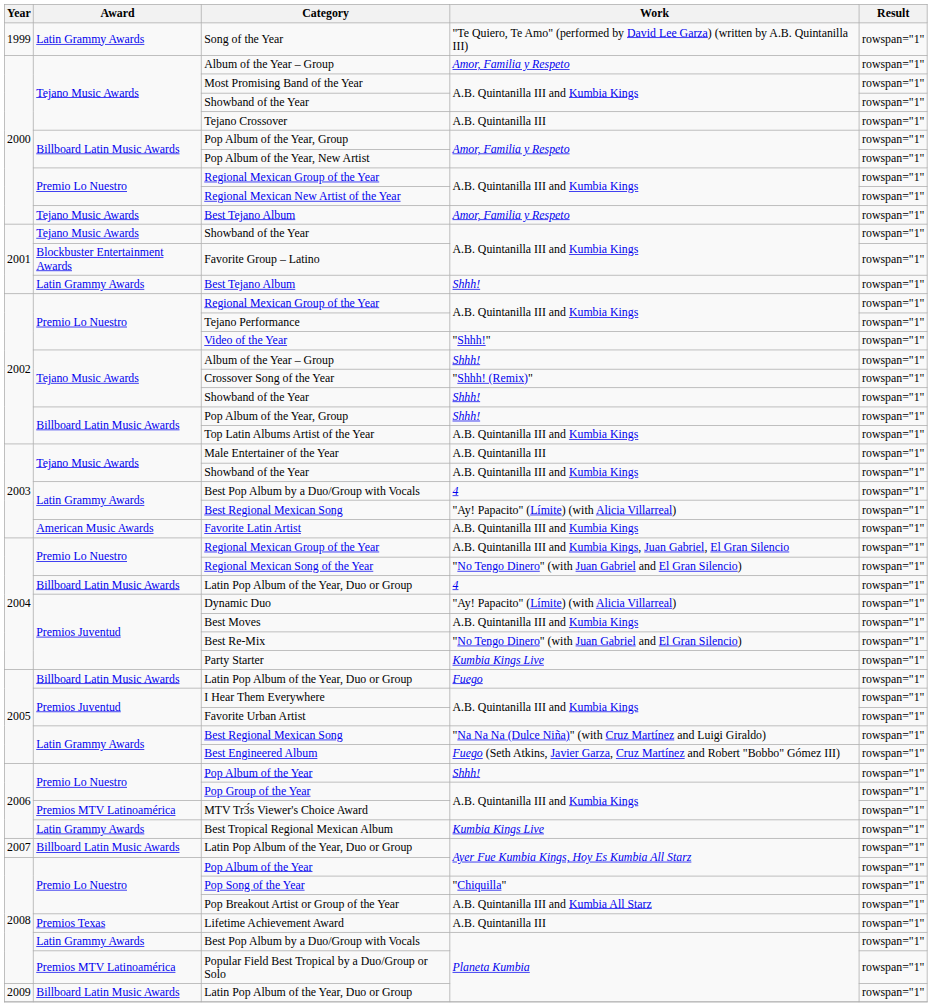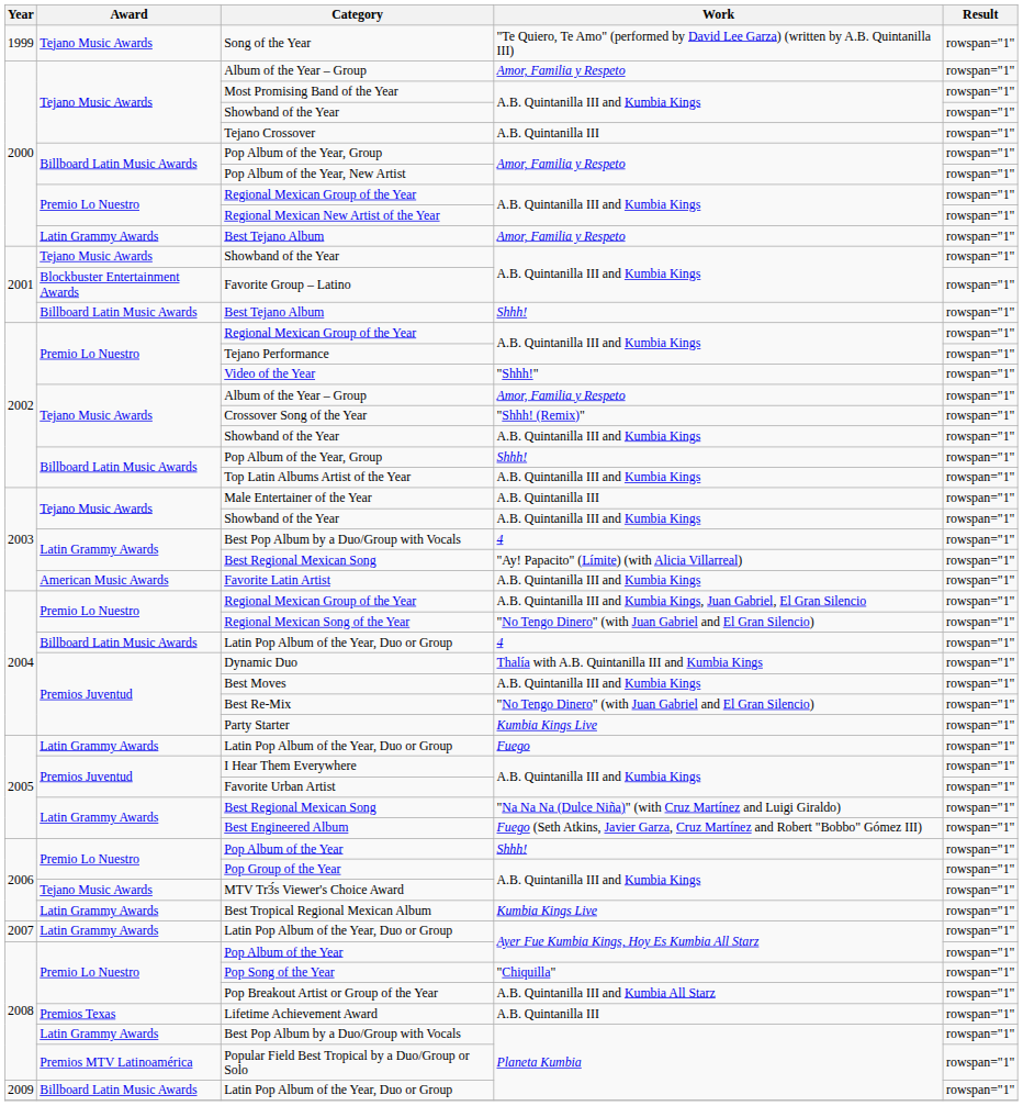 <table class="wikitable">
 <tr>
 <th scope="col">Year</th>
 <th scope="col">Award</th>
 <th>Category</th>
 <th scope="col">Work</th>
 <th scope="col">Result</th>
 </tr>
 <tr>
 <td rowspan="1" style="text-align:center;">1999</td>
-<td rowspan="1"><a href='#'>Latin Grammy Awards</a></td>
+<td rowspan="1"><a href='#'>Tejano Music Awards</a></td>
 <td>Song of the Year</td>
 <td rowspan="1">"Te Quiero, Te Amo" (performed by <a href='#'>David Lee Garza</a>) (written by A.B. Quintanilla III)</td>
 <td>rowspan="1" </td>
 </tr>
 <tr>
 <td rowspan="9" style="text-align:center;">2000</td>
 <td rowspan="4"><a href='#'>Tejano Music Awards</a></td>
 <td>Album of the Year – Group</td>
 <td rowspan="1"><em><a href='#'>Amor, Familia y Respeto</a></em></td>
 <td>rowspan="1" </td>
 </tr>
 <tr>
 <td>Most Promising Band of the Year</td>
 <td rowspan="2">A.B. Quintanilla III and <a href='#'>Kumbia Kings</a></td>
 <td>rowspan="1" </td>
 </tr>
 <tr>
 <td>Showband of the Year</td>
 <td>rowspan="1" </td>
 </tr>
 <tr>
 <td>Tejano Crossover</td>
 <td rowspan="1">A.B. Quintanilla III</td>
 <td>rowspan="1" </td>
 </tr>
 <tr>
 <td rowspan="2"><a href='#'>Billboard Latin Music Awards</a></td>
 <td>Pop Album of the Year, Group</td>
 <td rowspan="2"><em><a href='#'>Amor, Familia y Respeto</a></em></td>
 <td>rowspan="1" </td>
 </tr>
 <tr>
 <td>Pop Album of the Year, New Artist</td>
 <td>rowspan="1" </td>
 </tr>
 <tr>
 <td rowspan="2"><a href='#'>Premio Lo Nuestro</a></td>
 <td><a href='#'>Regional Mexican Group of the Year</a></td>
 <td rowspan="2">A.B. Quintanilla III and <a href='#'>Kumbia Kings</a></td>
 <td>rowspan="1" </td>
 </tr>
 <tr>
 <td><a href='#'>Regional Mexican New Artist of the Year</a></td>
 <td>rowspan="1" </td>
 </tr>
 <tr>
-<td rowspan="1"><a href='#'>Tejano Music Awards</a></td>
+<td rowspan="1"><a href='#'>Latin Grammy Awards</a></td>
 <td><a href='#'>Best Tejano Album</a></td>
 <td rowspan="1"><em><a href='#'>Amor, Familia y Respeto</a></em></td>
 <td>rowspan="1" </td>
 </tr>
 <tr>
 <td rowspan="3" style="text-align:center;">2001</td>
 <td rowspan="1"><a href='#'>Tejano Music Awards</a></td>
 <td>Showband of the Year</td>
 <td rowspan="2">A.B. Quintanilla III and <a href='#'>Kumbia Kings</a></td>
 <td>rowspan="1" </td>
 </tr>
 <tr>
 <td rowspan="1"><a href='#'>Blockbuster Entertainment Awards</a></td>
 <td>Favorite Group – Latino</td>
 <td>rowspan="1" </td>
 </tr>
 <tr>
-<td rowspan="1"><a href='#'>Latin Grammy Awards</a></td>
+<td rowspan="1"><a href='#'>Billboard Latin Music Awards</a></td>
 <td><a href='#'>Best Tejano Album</a></td>
 <td rowspan="1"><em><a href='#'>Shhh!</a></em></td>
 <td>rowspan="1" </td>
 </tr>
 <tr>
 <td rowspan="8" style="text-align:center;">2002</td>
 <td rowspan="3"><a href='#'>Premio Lo Nuestro</a></td>
 <td><a href='#'>Regional Mexican Group of the Year</a></td>
 <td rowspan="2">A.B. Quintanilla III and <a href='#'>Kumbia Kings</a></td>
 <td>rowspan="1" </td>
 </tr>
 <tr>
 <td>Tejano Performance</td>
 <td>rowspan="1" </td>
 </tr>
 <tr>
 <td><a href='#'>Video of the Year</a></td>
 <td rowspan="1">"<a href='#'>Shhh!</a>"</td>
 <td>rowspan="1" </td>
 </tr>
 <tr>
 <td rowspan="3"><a href='#'>Tejano Music Awards</a></td>
 <td>Album of the Year – Group</td>
-<td rowspan="1"><em><a href='#'>Shhh!</a></em></td>
+<td rowspan="1"><em><a href='#'>Amor, Familia y Respeto</a></em></td>
 <td>rowspan="1" </td>
 </tr>
 <tr>
 <td>Crossover Song of the Year</td>
 <td rowspan="1">"<a href='#'>Shhh! (Remix)</a>"</td>
 <td>rowspan="1" </td>
 </tr>
 <tr>
 <td>Showband of the Year</td>
-<td rowspan="1"><em><a href='#'>Shhh!</a></em></td>
+<td rowspan="1">A.B. Quintanilla III and <a href='#'>Kumbia Kings</a></td>
 <td>rowspan="1" </td>
 </tr>
 <tr>
 <td rowspan="2"><a href='#'>Billboard Latin Music Awards</a></td>
 <td>Pop Album of the Year, Group</td>
 <td rowspan="1"><em><a href='#'>Shhh!</a></em></td>
 <td>rowspan="1" </td>
 </tr>
 <tr>
 <td>Top Latin Albums Artist of the Year</td>
 <td rowspan="1">A.B. Quintanilla III and <a href='#'>Kumbia Kings</a></td>
 <td>rowspan="1" </td>
 </tr>
 <tr>
 <td rowspan="5" style="text-align:center;">2003</td>
 <td rowspan="2"><a href='#'>Tejano Music Awards</a></td>
 <td>Male Entertainer of the Year</td>
 <td rowspan="1">A.B. Quintanilla III</td>
 <td>rowspan="1" </td>
 </tr>
 <tr>
 <td>Showband of the Year</td>
 <td rowspan="1">A.B. Quintanilla III and <a href='#'>Kumbia Kings</a></td>
 <td>rowspan="1" </td>
 </tr>
 <tr>
 <td rowspan="2"><a href='#'>Latin Grammy Awards</a></td>
 <td>Best Pop Album by a Duo/Group with Vocals</td>
 <td rowspan="1"><em><a href='#'>4</a></em></td>
 <td>rowspan="1" </td>
 </tr>
 <tr>
 <td><a href='#'>Best Regional Mexican Song</a></td>
 <td rowspan="1">"Ay! Papacito" (<a href='#'>Límite</a>) (with <a href='#'>Alicia Villarreal</a>)</td>
 <td>rowspan="1" </td>
 </tr>
 <tr>
 <td rowspan="1"><a href='#'>American Music Awards</a></td>
 <td><a href='#'>Favorite Latin Artist</a></td>
 <td rowspan="1">A.B. Quintanilla III and <a href='#'>Kumbia Kings</a></td>
 <td>rowspan="1" </td>
 </tr>
 <tr>
 <td rowspan="7" style="text-align:center;">2004</td>
 <td rowspan="2"><a href='#'>Premio Lo Nuestro</a></td>
 <td><a href='#'>Regional Mexican Group of the Year</a></td>
 <td rowspan="1">A.B. Quintanilla III and <a href='#'>Kumbia Kings</a>, <a href='#'>Juan Gabriel</a>, <a href='#'>El Gran Silencio</a></td>
 <td>rowspan="1" </td>
 </tr>
 <tr>
 <td><a href='#'>Regional Mexican Song of the Year</a></td>
 <td rowspan="1">"<a href='#'>No Tengo Dinero</a>" (with <a href='#'>Juan Gabriel</a> and <a href='#'>El Gran Silencio</a>)</td>
 <td>rowspan="1" </td>
 </tr>
 <tr>
 <td rowspan="1"><a href='#'>Billboard Latin Music Awards</a></td>
 <td>Latin Pop Album of the Year, Duo or Group</td>
 <td rowspan="1"><em><a href='#'>4</a></em></td>
 <td>rowspan="1" </td>
 </tr>
 <tr>
 <td rowspan="4"><a href='#'>Premios Juventud</a></td>
 <td>Dynamic Duo</td>
-<td rowspan="1">"Ay! Papacito" (<a href='#'>Límite</a>) (with <a href='#'>Alicia Villarreal</a>)</td>
+<td rowspan="1"><a href='#'>Thalía</a> with A.B. Quintanilla III and <a href='#'>Kumbia Kings</a></td>
 <td>rowspan="1" </td>
 </tr>
 <tr>
 <td>Best Moves</td>
 <td rowspan="1">A.B. Quintanilla III and <a href='#'>Kumbia Kings</a></td>
 <td>rowspan="1" </td>
 </tr>
 <tr>
 <td>Best Re-Mix</td>
 <td rowspan="1">"<a href='#'>No Tengo Dinero</a>" (with <a href='#'>Juan Gabriel</a> and <a href='#'>El Gran Silencio</a>)</td>
 <td>rowspan="1" </td>
 </tr>
 <tr>
 <td>Party Starter</td>
 <td rowspan="1"><em><a href='#'>Kumbia Kings Live</a></em></td>
 <td>rowspan="1" </td>
 </tr>
 <tr>
 <td rowspan="5" style="text-align:center;">2005</td>
-<td rowspan="1"><a href='#'>Billboard Latin Music Awards</a></td>
+<td rowspan="1"><a href='#'>Latin Grammy Awards</a></td>
 <td>Latin Pop Album of the Year, Duo or Group</td>
 <td rowspan="1"><em><a href='#'>Fuego</a></em></td>
 <td>rowspan="1" </td>
 </tr>
 <tr>
 <td rowspan="2"><a href='#'>Premios Juventud</a></td>
 <td>I Hear Them Everywhere</td>
 <td rowspan="2">A.B. Quintanilla III and <a href='#'>Kumbia Kings</a></td>
 <td>rowspan="1" </td>
 </tr>
 <tr>
 <td>Favorite Urban Artist</td>
 <td>rowspan="1" </td>
 </tr>
 <tr>
 <td rowspan="2"><a href='#'>Latin Grammy Awards</a></td>
 <td><a href='#'>Best Regional Mexican Song</a></td>
 <td rowspan="1">"<a href='#'>Na Na Na (Dulce Niña)</a>" (with <a href='#'>Cruz Martínez</a> and Luigi Giraldo)</td>
 <td>rowspan="1" </td>
 </tr>
 <tr>
 <td><a href='#'>Best Engineered Album</a></td>
 <td rowspan="1"><em><a href='#'>Fuego</a></em> (Seth Atkins, <a href='#'>Javier Garza</a>, <a href='#'>Cruz Martínez</a> and Robert "Bobbo" Gómez III)</td>
 <td>rowspan="1" </td>
 </tr>
 <tr>
 <td rowspan="4" style="text-align:center;">2006</td>
 <td rowspan="2"><a href='#'>Premio Lo Nuestro</a></td>
 <td><a href='#'>Pop Album of the Year</a></td>
 <td rowspan="1"><em><a href='#'>Shhh!</a></em></td>
 <td>rowspan="1" </td>
 </tr>
 <tr>
 <td><a href='#'>Pop Group of the Year</a></td>
 <td rowspan="2">A.B. Quintanilla III and <a href='#'>Kumbia Kings</a></td>
 <td>rowspan="1" </td>
 </tr>
 <tr>
-<td rowspan="1"><a href='#'>Premios MTV Latinoamérica</a></td>
+<td rowspan="1"><a href='#'>Tejano Music Awards</a></td>
 <td>MTV Tr3́s Viewer's Choice Award</td>
 <td>rowspan="1" </td>
 </tr>
 <tr>
 <td rowspan="1"><a href='#'>Latin Grammy Awards</a></td>
 <td>Best Tropical Regional Mexican Album</td>
 <td rowspan="1"><em><a href='#'>Kumbia Kings Live</a></em></td>
 <td>rowspan="1" </td>
 </tr>
 <tr>
 <td rowspan="1" style="text-align:center;">2007</td>
-<td rowspan="1"><a href='#'>Billboard Latin Music Awards</a></td>
+<td rowspan="1"><a href='#'>Latin Grammy Awards</a></td>
 <td>Latin Pop Album of the Year, Duo or Group</td>
 <td rowspan="2"><em><a href='#'>Ayer Fue Kumbia Kings, Hoy Es Kumbia All Starz</a></em></td>
 <td>rowspan="1" </td>
 </tr>
 <tr>
 <td rowspan="6" style="text-align:center;">2008</td>
 <td rowspan="3"><a href='#'>Premio Lo Nuestro</a></td>
 <td><a href='#'>Pop Album of the Year</a></td>
 <td>rowspan="1" </td>
 </tr>
 <tr>
 <td><a href='#'>Pop Song of the Year</a></td>
 <td rowspan="1">"<a href='#'>Chiquilla</a>"</td>
 <td>rowspan="1" </td>
 </tr>
 <tr>
 <td>Pop Breakout Artist or Group of the Year</td>
 <td rowspan="1">A.B. Quintanilla III and <a href='#'>Kumbia All Starz</a></td>
 <td>rowspan="1" </td>
 </tr>
 <tr>
 <td rowspan="1"><a href='#'>Premios Texas</a></td>
 <td>Lifetime Achievement Award</td>
 <td rowspan="1">A.B. Quintanilla III</td>
 <td>rowspan="1" </td>
 </tr>
 <tr>
 <td rowspan="1"><a href='#'>Latin Grammy Awards</a></td>
 <td>Best Pop Album by a Duo/Group with Vocals</td>
 <td rowspan="3"><em><a href='#'>Planeta Kumbia</a></em></td>
 <td>rowspan="1" </td>
 </tr>
 <tr>
 <td rowspan="1"><a href='#'>Premios MTV Latinoamérica</a></td>
 <td>Popular Field Best Tropical by a Duo/Group or Solo</td>
 <td>rowspan="1" </td>
 </tr>
 <tr>
 <td rowspan="1" style="text-align:center;">2009</td>
 <td rowspan="1"><a href='#'>Billboard Latin Music Awards</a></td>
 <td>Latin Pop Album of the Year, Duo or Group</td>
 <td>rowspan="1" </td>
 </tr>
 <tr>
 </tr>
 </table>
